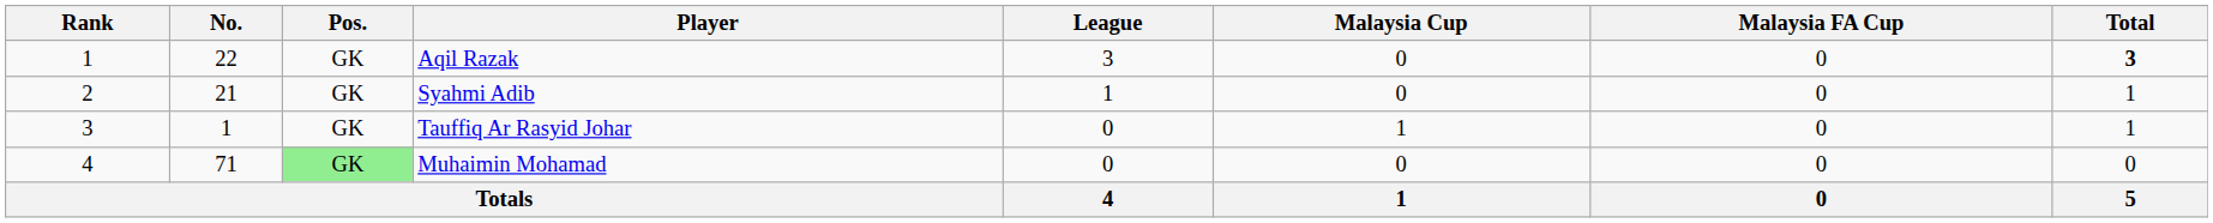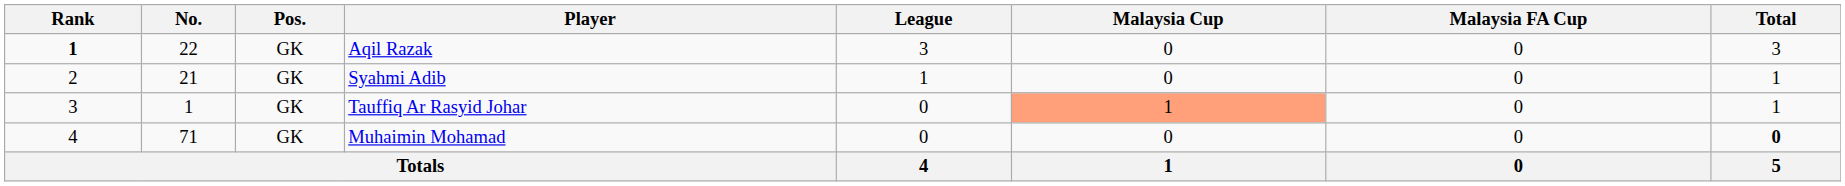 <table class="wikitable sortable" style="text-align:center;width:100%;">
 <tr>
 <th>Rank</th>
 <th>No.</th>
 <th>Pos.</th>
 <th>Player</th>
 <th>League</th>
 <th>Malaysia Cup</th>
 <th>Malaysia FA Cup</th>
 <th>Total</th>
 </tr>
 <tr>
-<td>1</td>
+<td><strong>1</strong></td>
 <td>22</td>
 <td>GK</td>
 <td align="left"> <a href='#'>Aqil Razak</a></td>
 <td>3</td>
 <td>0</td>
 <td>0</td>
-<td><strong>3</strong></td>
+<td>3</td>
 </tr>
 <tr>
 <td rowspan="1">2</td>
 <td>21</td>
 <td>GK</td>
 <td align="left"> <a href='#'>Syahmi Adib</a></td>
 <td>1</td>
 <td>0</td>
 <td>0</td>
 <td>1</td>
 </tr>
 <tr>
 <td rowspan="1">3</td>
 <td>1</td>
 <td>GK</td>
 <td align="left"> <a href='#'>Tauffiq Ar Rasyid Johar</a></td>
 <td>0</td>
-<td>1</td>
+<td style="background: lightsalmon;">1</td>
 <td>0</td>
 <td>1</td>
 </tr>
 <tr>
 <td>4</td>
 <td>71</td>
-<td style="background: lightgreen;">GK</td>
+<td>GK</td>
 <td align="left"> <a href='#'>Muhaimin Mohamad</a></td>
 <td>0</td>
 <td>0</td>
 <td>0</td>
-<td>0</td>
+<td><strong>0</strong></td>
 </tr>
 <tr>
 <th colspan="4"><strong>Totals</strong></th>
 <th>4</th>
 <th>1</th>
 <th>0</th>
 <th>5</th>
 </tr>
 </table>
